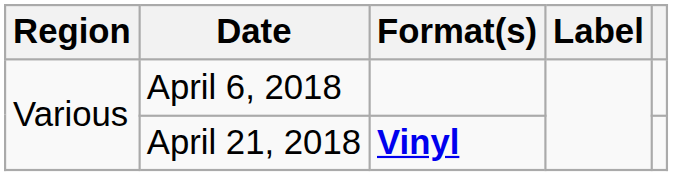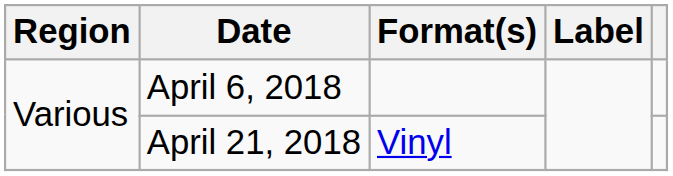 <table class="wikitable plainrowheaders">
 <tr>
 <th scope="col">Region</th>
 <th scope="col">Date</th>
 <th scope="col">Format(s)</th>
 <th scope="col">Label</th>
 <th scope="col"></th>
 </tr>
 <tr>
 <td rowspan="2">Various</td>
 <td>April 6, 2018</td>
 <td></td>
 <td rowspan="2"></td>
 <td align="center"></td>
 </tr>
 <tr>
 <td>April 21, 2018</td>
-<td><strong><a href='#'>Vinyl</a></strong></td>
+<td><a href='#'>Vinyl</a></td>
 <td align="center"></td>
 </tr>
 </table>
